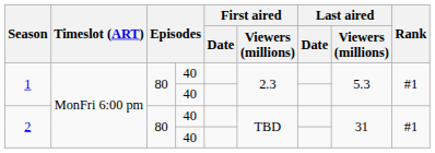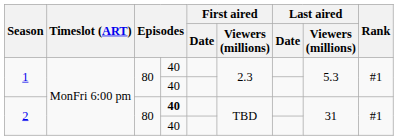 <table class="wikitable" style="text-align: center">
 <tr>
 <th scope="col" rowspan="2">Season</th>
 <th scope="col" rowspan="2">Timeslot (<a href='#'>ART</a>)</th>
 <th scope="col" rowspan="2" colspan="2">Episodes</th>
 <th scope="col" colspan="2">First aired</th>
 <th scope="col" colspan="2">Last aired</th>
 <th scope="col" rowspan="2">Rank</th>
 </tr>
 <tr>
 <th scope="col">Date</th>
 <th scope="col">Viewers<br>(millions)</th>
 <th scope="col">Date</th>
 <th scope="col">Viewers<br>(millions)</th>
 </tr>
 <tr>
 <td rowspan="2"><a href='#'>1</a></td>
 <td rowspan="4">MonFri 6:00 pm</td>
 <td rowspan="2">80</td>
 <td>40</td>
 <td></td>
 <td rowspan="2">2.3</td>
 <td></td>
 <td rowspan="2">5.3</td>
 <td rowspan="2">#1</td>
 </tr>
 <tr>
 <td>40</td>
 <td></td>
 <td></td>
 </tr>
 <tr>
 <td rowspan="2"><a href='#'>2</a></td>
 <td rowspan="2">80</td>
-<td>40</td>
+<td><strong>40</strong></td>
 <td></td>
 <td rowspan="2">TBD</td>
 <td></td>
 <td rowspan="2">31</td>
 <td rowspan="2">#1</td>
 </tr>
 <tr>
 <td>40</td>
 <td></td>
 <td></td>
 </tr>
 </table>
